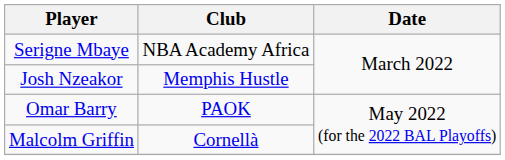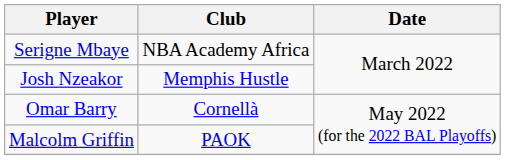 <table class="wikitable" style="text-align:center;">
 <tr>
 <th>Player</th>
 <th>Club</th>
 <th>Date</th>
 </tr>
 <tr>
 <td> <a href='#'>Serigne Mbaye</a></td>
 <td> NBA Academy Africa</td>
 <td rowspan=2>March 2022</td>
 </tr>
 <tr>
 <td> <a href='#'>Josh Nzeakor</a></td>
 <td> <a href='#'>Memphis Hustle</a></td>
 </tr>
 <tr>
 <td> <a href='#'>Omar Barry</a></td>
-<td> <a href='#'>PAOK</a></td>
+<td> <a href='#'>Cornellà</a></td>
 <td rowspan=2>May 2022 <br> <small>(for the <a href='#'>2022 BAL Playoffs</a>)</small></td>
 </tr>
 <tr>
 <td> <a href='#'>Malcolm Griffin</a></td>
-<td> <a href='#'>Cornellà</a></td>
+<td> <a href='#'>PAOK</a></td>
 </tr>
 <tr>
 </tr>
 </table>
